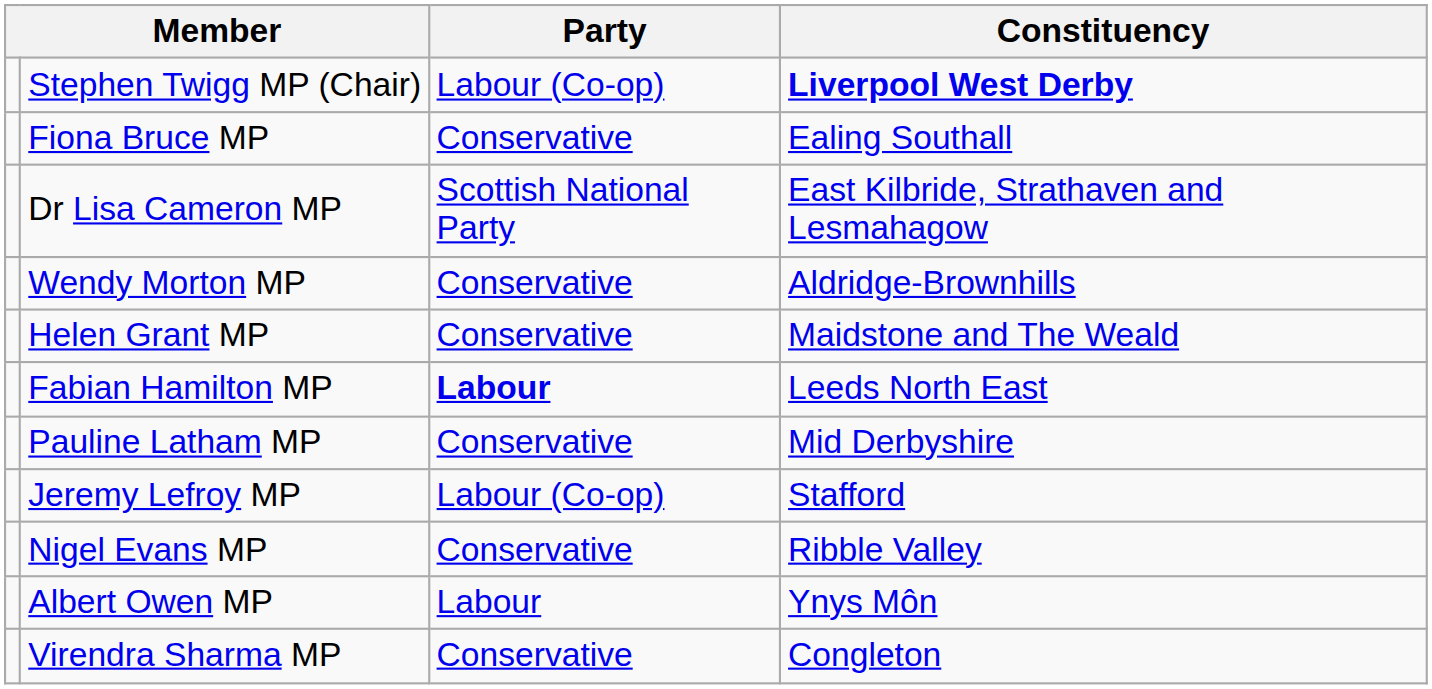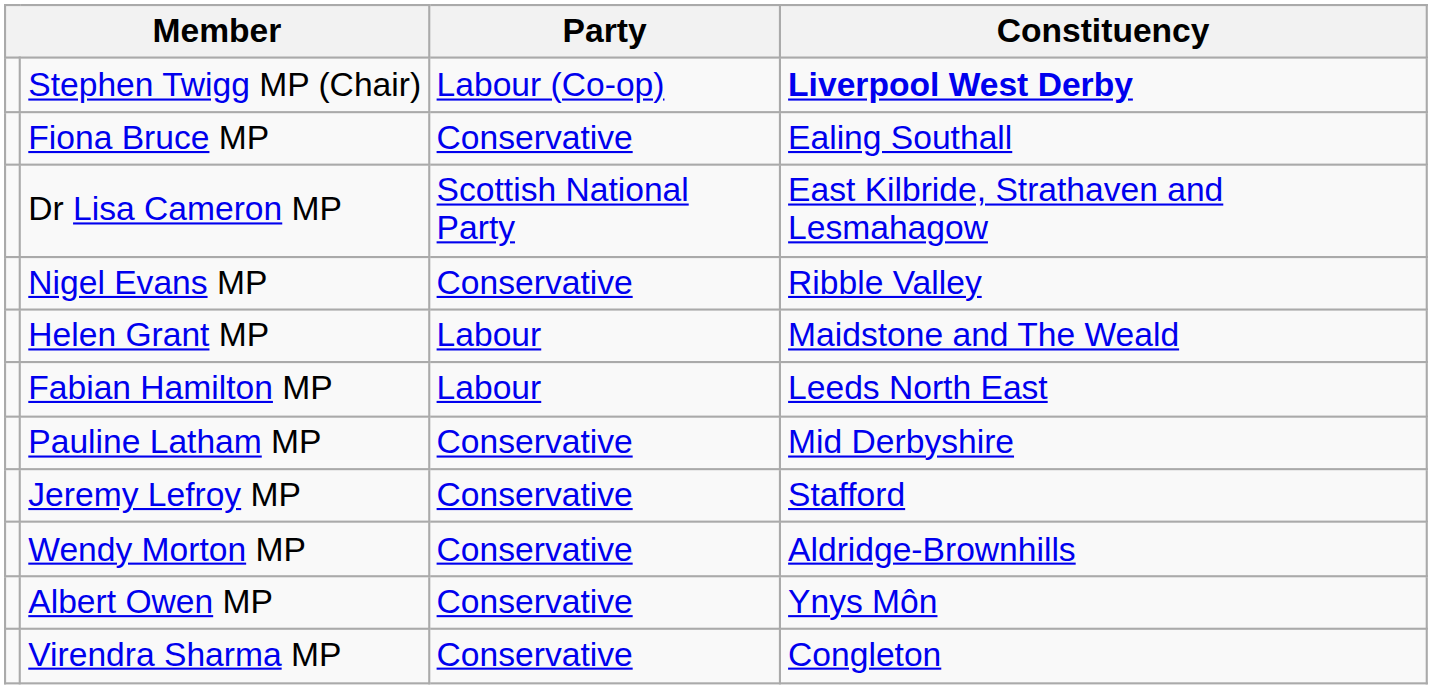 <table class="wikitable">
 <tr>
 <th colspan="2" valign="top" width="160px">Member</th>
 <th valign="top" width="160px">Party</th>
 <th valign="top" width="300px">Constituency</th>
 </tr>
 <tr>
 <td style="color:inherit;background:"></td>
 <td><a href='#'>Stephen Twigg</a> MP (Chair)</td>
 <td><a href='#'>Labour (Co-op)</a></td>
 <td><strong><a href='#'>Liverpool West Derby</a></strong></td>
 </tr>
 <tr>
 <td style="color:inherit;background:"></td>
 <td><a href='#'>Fiona Bruce</a> MP</td>
 <td><a href='#'>Conservative</a></td>
 <td><a href='#'>Ealing Southall</a></td>
 </tr>
 <tr>
 <td style="color:inherit;background:"></td>
 <td>Dr <a href='#'>Lisa Cameron</a> MP</td>
 <td><a href='#'>Scottish National Party</a></td>
 <td><a href='#'>East Kilbride, Strathaven and Lesmahagow</a></td>
 </tr>
 <tr>
 <td style="color:inherit;background:"></td>
-<td><a href='#'>Wendy Morton</a> MP</td>
+<td><a href='#'>Nigel Evans</a> MP</td>
 <td><a href='#'>Conservative</a></td>
-<td><a href='#'>Aldridge-Brownhills</a></td>
+<td><a href='#'>Ribble Valley</a></td>
 </tr>
 <tr>
 <td style="color:inherit;background:"></td>
 <td><a href='#'>Helen Grant</a> MP</td>
-<td><a href='#'>Conservative</a></td>
+<td><a href='#'>Labour</a></td>
 <td><a href='#'>Maidstone and The Weald</a></td>
 </tr>
 <tr>
 <td style="color:inherit;background:"></td>
 <td><a href='#'>Fabian Hamilton</a> MP</td>
-<td><strong><a href='#'>Labour</a></strong></td>
+<td><a href='#'>Labour</a></td>
 <td><a href='#'>Leeds North East</a></td>
 </tr>
 <tr>
 <td style="color:inherit;background:"></td>
 <td><a href='#'>Pauline Latham</a> MP</td>
 <td><a href='#'>Conservative</a></td>
 <td><a href='#'>Mid Derbyshire</a></td>
 </tr>
 <tr>
 <td style="color:inherit;background:"></td>
 <td><a href='#'>Jeremy Lefroy</a> MP</td>
-<td><a href='#'>Labour (Co-op)</a></td>
+<td><a href='#'>Conservative</a></td>
 <td><a href='#'>Stafford</a></td>
 </tr>
 <tr>
 <td style="color:inherit;background:"></td>
-<td><a href='#'>Nigel Evans</a> MP</td>
+<td><a href='#'>Wendy Morton</a> MP</td>
 <td><a href='#'>Conservative</a></td>
-<td><a href='#'>Ribble Valley</a></td>
+<td><a href='#'>Aldridge-Brownhills</a></td>
 </tr>
 <tr>
 <td style="color:inherit;background:"></td>
 <td><a href='#'>Albert Owen</a> MP</td>
-<td><a href='#'>Labour</a></td>
+<td><a href='#'>Conservative</a></td>
 <td><a href='#'>Ynys Môn</a></td>
 </tr>
 <tr>
 <td style="color:inherit;background:"></td>
 <td><a href='#'>Virendra Sharma</a> MP</td>
 <td><a href='#'>Conservative</a></td>
 <td><a href='#'>Congleton</a></td>
 </tr>
 </table>
